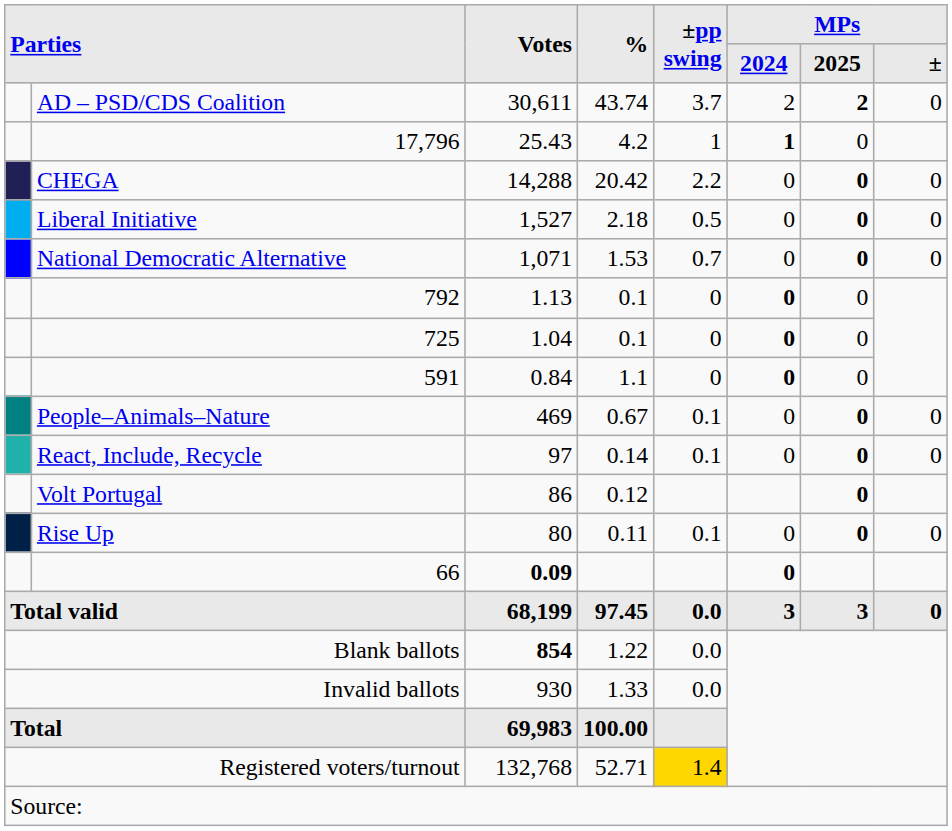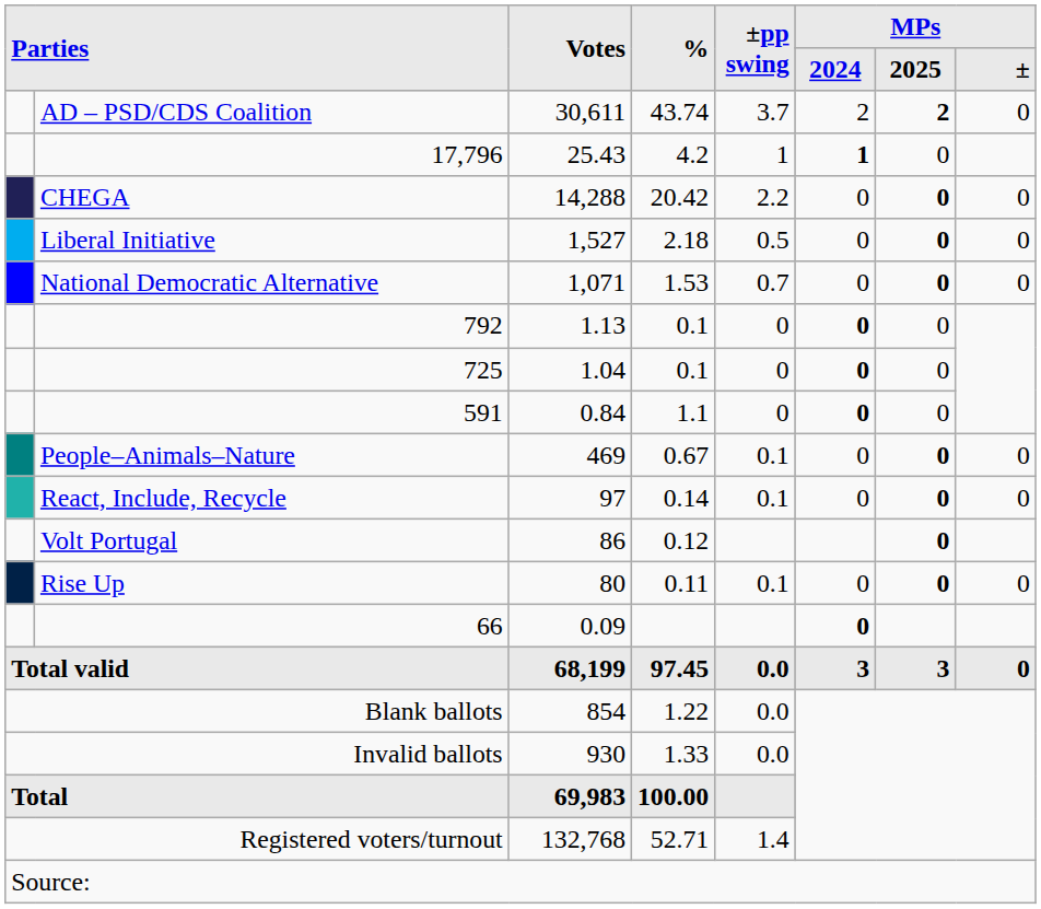 <table class="wikitable" style="text-align:right; font-size:95%;">
 <tr>
 <th rowspan="2" colspan="2" style="background:#e9e9e9; text-align:left;" alignleft><a href='#'>Parties</a></th>
 <th rowspan="2" style="background:#e9e9e9; text-align:right;">Votes</th>
 <th rowspan="2" style="background:#e9e9e9; text-align:right;">%</th>
 <th rowspan="2" style="background:#e9e9e9; text-align:right;">±<a href='#'>pp</a> <a href='#'>swing</a></th>
 <th colspan="3" style="background:#e9e9e9; text-align:center;"><a href='#'>MPs</a></th>
 </tr>
 <tr style="background-color:#E9E9E9">
 <th style="background-color:#E9E9E9;text-align:center;"><a href='#'>2024</a></th>
 <th style="background-color:#E9E9E9;text-align:center;">2025</th>
 <th style="background:#e9e9e9; text-align:right;">±</th>
 </tr>
 <tr>
 <td style="width: 10px" bgcolor=></td>
 <td align="left"><a href='#'>AD – PSD/CDS Coalition</a> </td>
 <td>30,611</td>
 <td>43.74</td>
 <td>3.7</td>
 <td>2</td>
 <td><strong>2</strong></td>
 <td>0</td>
 </tr>
 <tr>
 <td></td>
 <td>17,796</td>
 <td>25.43</td>
 <td>4.2</td>
 <td>1</td>
 <td><strong>1</strong></td>
 <td>0</td>
 </tr>
 <tr>
 <td style="width: 10px" bgcolor="#202056" align="center"></td>
 <td align="left"><a href='#'>CHEGA</a></td>
 <td>14,288</td>
 <td>20.42</td>
 <td>2.2</td>
 <td>0</td>
 <td><strong>0</strong></td>
 <td>0</td>
 </tr>
 <tr>
 <td style="width: 10px" bgcolor="#00ADEF" align="center"></td>
 <td align="left"><a href='#'>Liberal Initiative</a></td>
 <td>1,527</td>
 <td>2.18</td>
 <td>0.5</td>
 <td>0</td>
 <td><strong>0</strong></td>
 <td>0</td>
 </tr>
 <tr>
 <td style="width: 10px" bgcolor="blue" align="center"></td>
 <td align="left"><a href='#'>National Democratic Alternative</a></td>
 <td>1,071</td>
 <td>1.53</td>
 <td>0.7</td>
 <td>0</td>
 <td><strong>0</strong></td>
 <td>0</td>
 </tr>
 <tr>
 <td></td>
 <td>792</td>
 <td>1.13</td>
 <td>0.1</td>
 <td>0</td>
 <td><strong>0</strong></td>
 <td>0</td>
 </tr>
 <tr>
 <td></td>
 <td>725</td>
 <td>1.04</td>
 <td>0.1</td>
 <td>0</td>
 <td><strong>0</strong></td>
 <td>0</td>
 </tr>
 <tr>
 <td></td>
 <td>591</td>
 <td>0.84</td>
 <td>1.1</td>
 <td>0</td>
 <td><strong>0</strong></td>
 <td>0</td>
 </tr>
 <tr>
 <td style="width: 10px" bgcolor="teal" align="center"></td>
 <td align="left"><a href='#'>People–Animals–Nature</a></td>
 <td>469</td>
 <td>0.67</td>
 <td>0.1</td>
 <td>0</td>
 <td><strong>0</strong></td>
 <td>0</td>
 </tr>
 <tr>
 <td style="width: 10px" bgcolor="LightSeaGreen" align="center"></td>
 <td align="left"><a href='#'>React, Include, Recycle</a></td>
 <td>97</td>
 <td>0.14</td>
 <td>0.1</td>
 <td>0</td>
 <td><strong>0</strong></td>
 <td>0</td>
 </tr>
 <tr>
 <td style="width: 10px"></td>
 <td align="left"><a href='#'>Volt Portugal</a></td>
 <td>86</td>
 <td>0.12</td>
 <td></td>
 <td></td>
 <td><strong>0</strong></td>
 <td></td>
 </tr>
 <tr>
 <td style="width: 10px" bgcolor="#002147" align="center"></td>
 <td align="left"><a href='#'>Rise Up</a></td>
 <td>80</td>
 <td>0.11</td>
 <td>0.1</td>
 <td>0</td>
 <td><strong>0</strong></td>
 <td>0</td>
 </tr>
 <tr>
 <td></td>
 <td>66</td>
-<td><strong>0.09</strong></td>
+<td>0.09</td>
 <td></td>
 <td></td>
 <td><strong>0</strong></td>
 <td></td>
 </tr>
 <tr>
 <td colspan=2 width="288" align=left style="background-color:#E9E9E9"><strong>Total valid</strong></td>
 <td width="65" align="right" style="background-color:#E9E9E9"><strong>68,199</strong></td>
 <td width="40" align="right" style="background-color:#E9E9E9"><strong>97.45</strong></td>
 <td width="40" align="right" style="background-color:#E9E9E9"><strong>0.0</strong></td>
 <td width="40" align="right" style="background-color:#E9E9E9"><strong>3</strong></td>
 <td width="40" align="right" style="background-color:#E9E9E9"><strong>3</strong></td>
 <td width="40" align="right" style="background-color:#E9E9E9"><strong>0</strong></td>
 </tr>
 <tr>
 <td colspan=2>Blank ballots</td>
-<td><strong>854</strong></td>
+<td>854</td>
 <td>1.22</td>
 <td>0.0</td>
 <td colspan=3 rowspan=4></td>
 </tr>
 <tr>
 <td colspan=2>Invalid ballots</td>
 <td>930</td>
 <td>1.33</td>
 <td>0.0</td>
 </tr>
 <tr>
 <td colspan=2 align=left style="background-color:#E9E9E9"><strong>Total</strong></td>
 <td width="50" align="right" style="background-color:#E9E9E9"><strong>69,983</strong></td>
 <td width="40" align="right" style="background-color:#E9E9E9"><strong>100.00</strong></td>
 <td width="40" align="right" style="background-color:#E9E9E9"></td>
 </tr>
 <tr>
 <td colspan=2>Registered voters/turnout</td>
 <td>132,768</td>
 <td>52.71</td>
-<td style="background: gold;">1.4</td>
+<td>1.4</td>
 </tr>
 <tr>
 <td colspan=8 align=left>Source: </td>
 </tr>
 </table>
